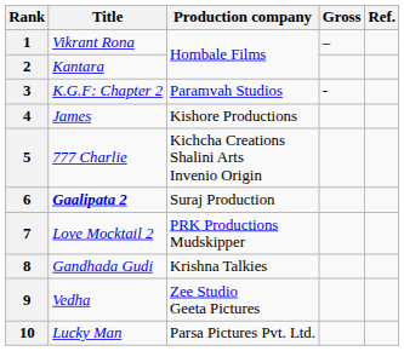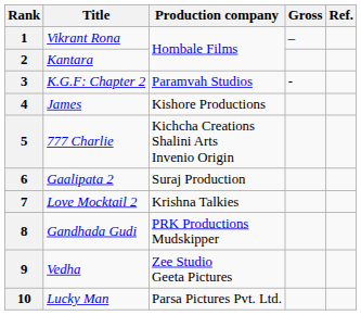 <table class="wikitable sortable" style=" margin:auto;">
 <tr>
 <th>Rank</th>
 <th>Title</th>
 <th>Production company</th>
 <th>Gross</th>
 <th>Ref.</th>
 </tr>
 <tr>
 <th style="textalign:center;">1</th>
 <td><em><a href='#'>Vikrant Rona</a></em></td>
 <td rowspan="2"><a href='#'>Hombale Films</a></td>
 <td>–</td>
 <td></td>
 </tr>
 <tr>
 <th>2</th>
 <td><em><a href='#'>Kantara</a></em></td>
 <td></td>
 <td></td>
 </tr>
 <tr>
 <th style="text-align:center;">3</th>
 <td><em><a href='#'>K.G.F: Chapter 2</a></em></td>
 <td><a href='#'>Paramvah Studios</a></td>
 <td> - </td>
 <td></td>
 </tr>
 <tr>
 <th style="text-align:center;">4</th>
 <td><em><a href='#'>James</a></em></td>
 <td>Kishore Productions</td>
 <td></td>
 <td></td>
 </tr>
 <tr>
 <th style="text-align:center;">5</th>
 <td><em><a href='#'>777 Charlie</a></em></td>
 <td>Kichcha Creations<br>Shalini Arts<br>Invenio Origin</td>
 <td></td>
 <td></td>
 </tr>
 <tr>
 <th style="text-align:center;">6</th>
-<td><strong><em><a href='#'>Gaalipata 2</a></em></strong></td>
+<td><em><a href='#'>Gaalipata 2</a></em></td>
 <td>Suraj Production</td>
 <td></td>
 <td></td>
 </tr>
 <tr>
 <th style="text-align:center;">7</th>
 <td><em><a href='#'>Love Mocktail 2 </a></em></td>
-<td><a href='#'>PRK Productions</a><br>Mudskipper</td>
+<td>Krishna Talkies</td>
 <td></td>
 <td></td>
 </tr>
 <tr>
 <th style="text-align:center;">8</th>
 <td><em><a href='#'>Gandhada Gudi</a></em></td>
-<td>Krishna Talkies</td>
+<td><a href='#'>PRK Productions</a><br>Mudskipper</td>
 <td></td>
 <td></td>
 </tr>
 <tr>
 <th style="text-align:center;">9</th>
 <td><em><a href='#'>Vedha</a></em></td>
 <td><a href='#'>Zee Studio</a><br>Geeta Pictures</td>
 <td></td>
 <td></td>
 </tr>
 <tr>
 <th style="text-align:center;">10</th>
 <td><em><a href='#'>Lucky Man</a></em></td>
 <td>Parsa Pictures Pvt. Ltd.</td>
 <td></td>
 <td></td>
 </tr>
 </table>
